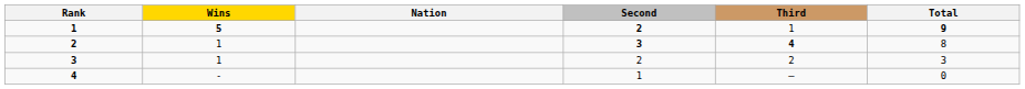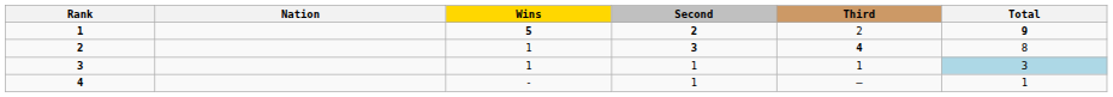 <table class="wikitable collapsible autocollapse plainrowheaders" width=68% style="text-align:center;">
 <tr style="background-color:#EDEDED;">
 <th width=100px class="hintergrundfarbe5">Rank</th>
+<th width=200px class="hintergrundfarbe6">Nation</th>
 <th style="background:    gold; width:15%">Wins</th>
-<th width=200px class="hintergrundfarbe6">Nation</th>
 <th style="background:  silver; width:15%">Second</th>
 <th style="background: #CC9966; width:15%">Third</th>
 <th class="hintergrundfarbe6" style="width:15%">Total</th>
 </tr>
 <tr>
 <td><strong>1</strong></td>
+<td style="text-align:left"></td>
 <td><strong>5</strong></td>
-<td style="text-align:left"></td>
 <td><strong>2</strong></td>
-<td>1</td>
+<td>2</td>
 <td><strong>9</strong></td>
 </tr>
 <tr>
 <td><strong>2</strong></td>
+<td style="text-align:left"></td>
 <td>1</td>
-<td style="text-align:left"></td>
 <td><strong>3</strong></td>
 <td><strong>4</strong></td>
 <td>8</td>
 </tr>
 <tr>
 <td><strong>3</strong></td>
+<td style="text-align:left"></td>
 <td>1</td>
-<td style="text-align:left"></td>
-<td>2</td>
-<td>2</td>
-<td>3</td>
+<td>1</td>
+<td>1</td>
+<td style="background: lightblue;">3</td>
 </tr>
 <tr>
 <td><strong>4</strong></td>
+<td style="text-align:left"></td>
 <td>-</td>
-<td style="text-align:left"></td>
 <td>1</td>
 <td>–</td>
-<td>0</td>
+<td>1</td>
 </tr>
 </table>
